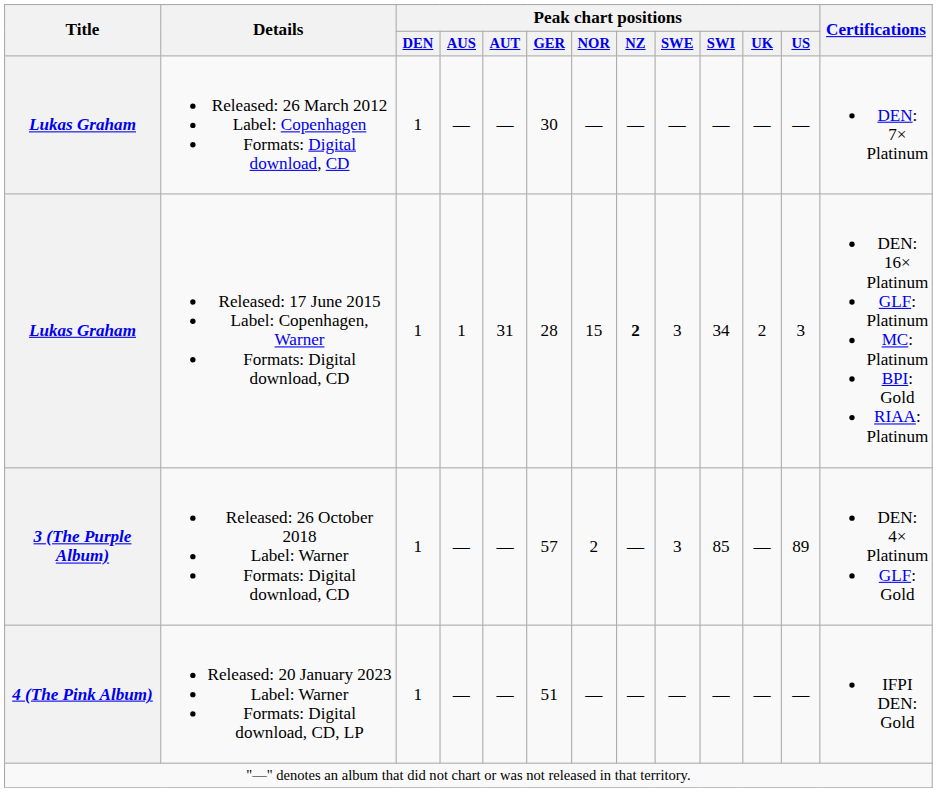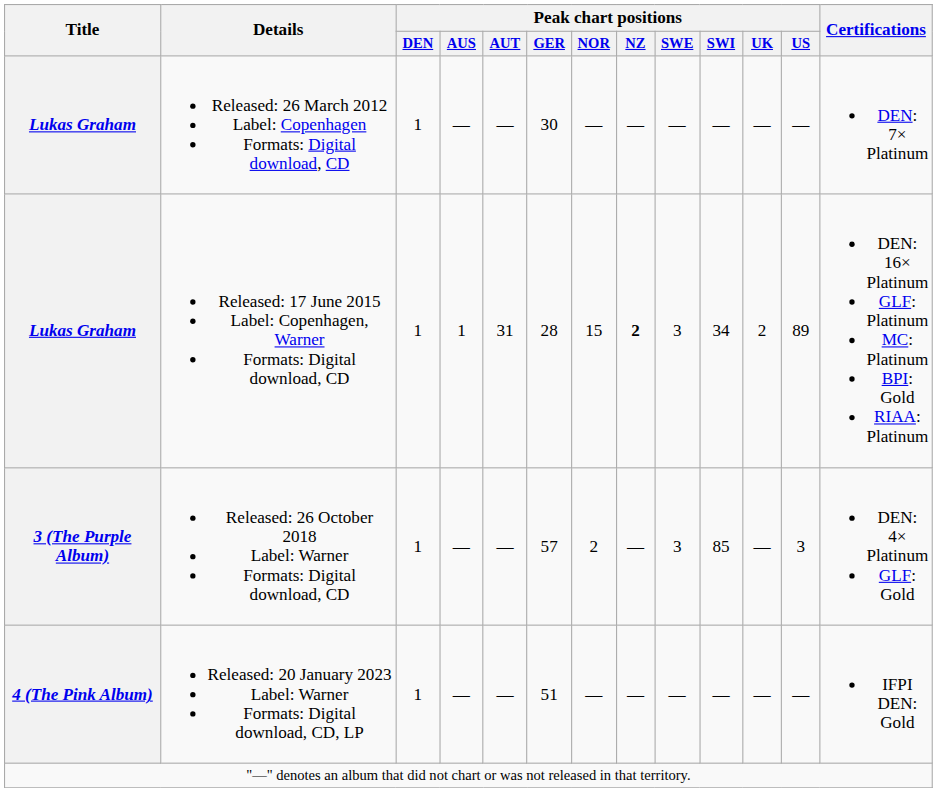 <table class="wikitable plainrowheaders" style="text-align:center;">
 <tr>
 <th scope="col" rowspan="2" style="width:14em;">Title</th>
 <th scope="col" rowspan="2" style="width:19em;">Details</th>
 <th scope="col" colspan="10">Peak chart positions</th>
 <th scope="col" rowspan="2"><a href='#'>Certifications</a></th>
 </tr>
 <tr>
 <th scope="col" style="width:3em;font-size:85%;"><a href='#'>DEN</a><br></th>
 <th scope="col" style="width:3em;font-size:85%;"><a href='#'>AUS</a><br></th>
 <th scope="col" style="width:3em;font-size:85%;"><a href='#'>AUT</a><br></th>
 <th scope="col" style="width:3em;font-size:85%;"><a href='#'>GER</a><br></th>
 <th scope="col" style="width:3em;font-size:85%;"><a href='#'>NOR</a><br></th>
 <th scope="col" style="width:3em;font-size:85%;"><a href='#'>NZ</a><br></th>
 <th scope="col" style="width:3em;font-size:85%;"><a href='#'>SWE</a><br></th>
 <th scope="col" style="width:3em;font-size:85%;"><a href='#'>SWI</a><br></th>
 <th scope="col" style="width:3em;font-size:85%;"><a href='#'>UK</a><br></th>
 <th scope="col" style="width:3em;font-size:85%;"><a href='#'>US</a><br></th>
 </tr>
 <tr>
 <th scope="row"><em><a href='#'>Lukas Graham</a></em></th>
 <td><br><ul><li>Released: 26 March 2012</li><li>Label: <a href='#'>Copenhagen</a></li><li>Formats: <a href='#'>Digital download</a>, <a href='#'>CD</a></li></ul></td>
 <td>1</td>
 <td>—</td>
 <td>—</td>
 <td>30</td>
 <td>—</td>
 <td>—</td>
 <td>—</td>
 <td>—</td>
 <td>—</td>
 <td>—</td>
 <td><br><ul><li><a href='#'>DEN</a>: 7× Platinum</li></ul></td>
 </tr>
 <tr>
 <th scope="row"><a href='#'><em>Lukas Graham</em></a></th>
 <td><br><ul><li>Released: 17 June 2015</li><li>Label: Copenhagen, <a href='#'>Warner</a></li><li>Formats: Digital download, CD</li></ul></td>
 <td>1</td>
 <td>1</td>
 <td>31</td>
 <td>28</td>
 <td>15</td>
 <td><strong>2</strong></td>
 <td>3</td>
 <td>34</td>
 <td>2</td>
-<td>3</td>
+<td>89</td>
 <td><br><ul><li>DEN: 16× Platinum</li><li><a href='#'>GLF</a>: Platinum</li><li><a href='#'>MC</a>: Platinum</li><li><a href='#'>BPI</a>: Gold</li><li><a href='#'>RIAA</a>: Platinum</li></ul></td>
 </tr>
 <tr>
 <th scope="row"><em><a href='#'>3 (The Purple Album)</a></em></th>
 <td><br><ul><li>Released: 26 October 2018</li><li>Label: Warner</li><li>Formats: Digital download, CD</li></ul></td>
 <td>1</td>
 <td>—</td>
 <td>—</td>
 <td>57</td>
 <td>2</td>
 <td>—</td>
 <td>3</td>
 <td>85</td>
 <td>—</td>
-<td>89</td>
+<td>3</td>
 <td><br><ul><li>DEN: 4× Platinum</li><li><a href='#'>GLF</a>: Gold</li></ul></td>
 </tr>
 <tr>
 <th scope="row"><em><a href='#'>4 (The Pink Album)</a></em></th>
 <td><br><ul><li>Released: 20 January 2023</li><li>Label: Warner</li><li>Formats: Digital download, CD, LP</li></ul></td>
 <td>1<br></td>
 <td>—</td>
 <td>—</td>
 <td>51</td>
 <td>—</td>
 <td>—</td>
 <td>—</td>
 <td>—</td>
 <td>—</td>
 <td>—</td>
 <td><br><ul><li>IFPI DEN: Gold</li></ul></td>
 </tr>
 <tr>
 <td colspan="20" style="text-align:center; font-size:85%;">"—" denotes an album that did not chart or was not released in that territory.</td>
 </tr>
 </table>
